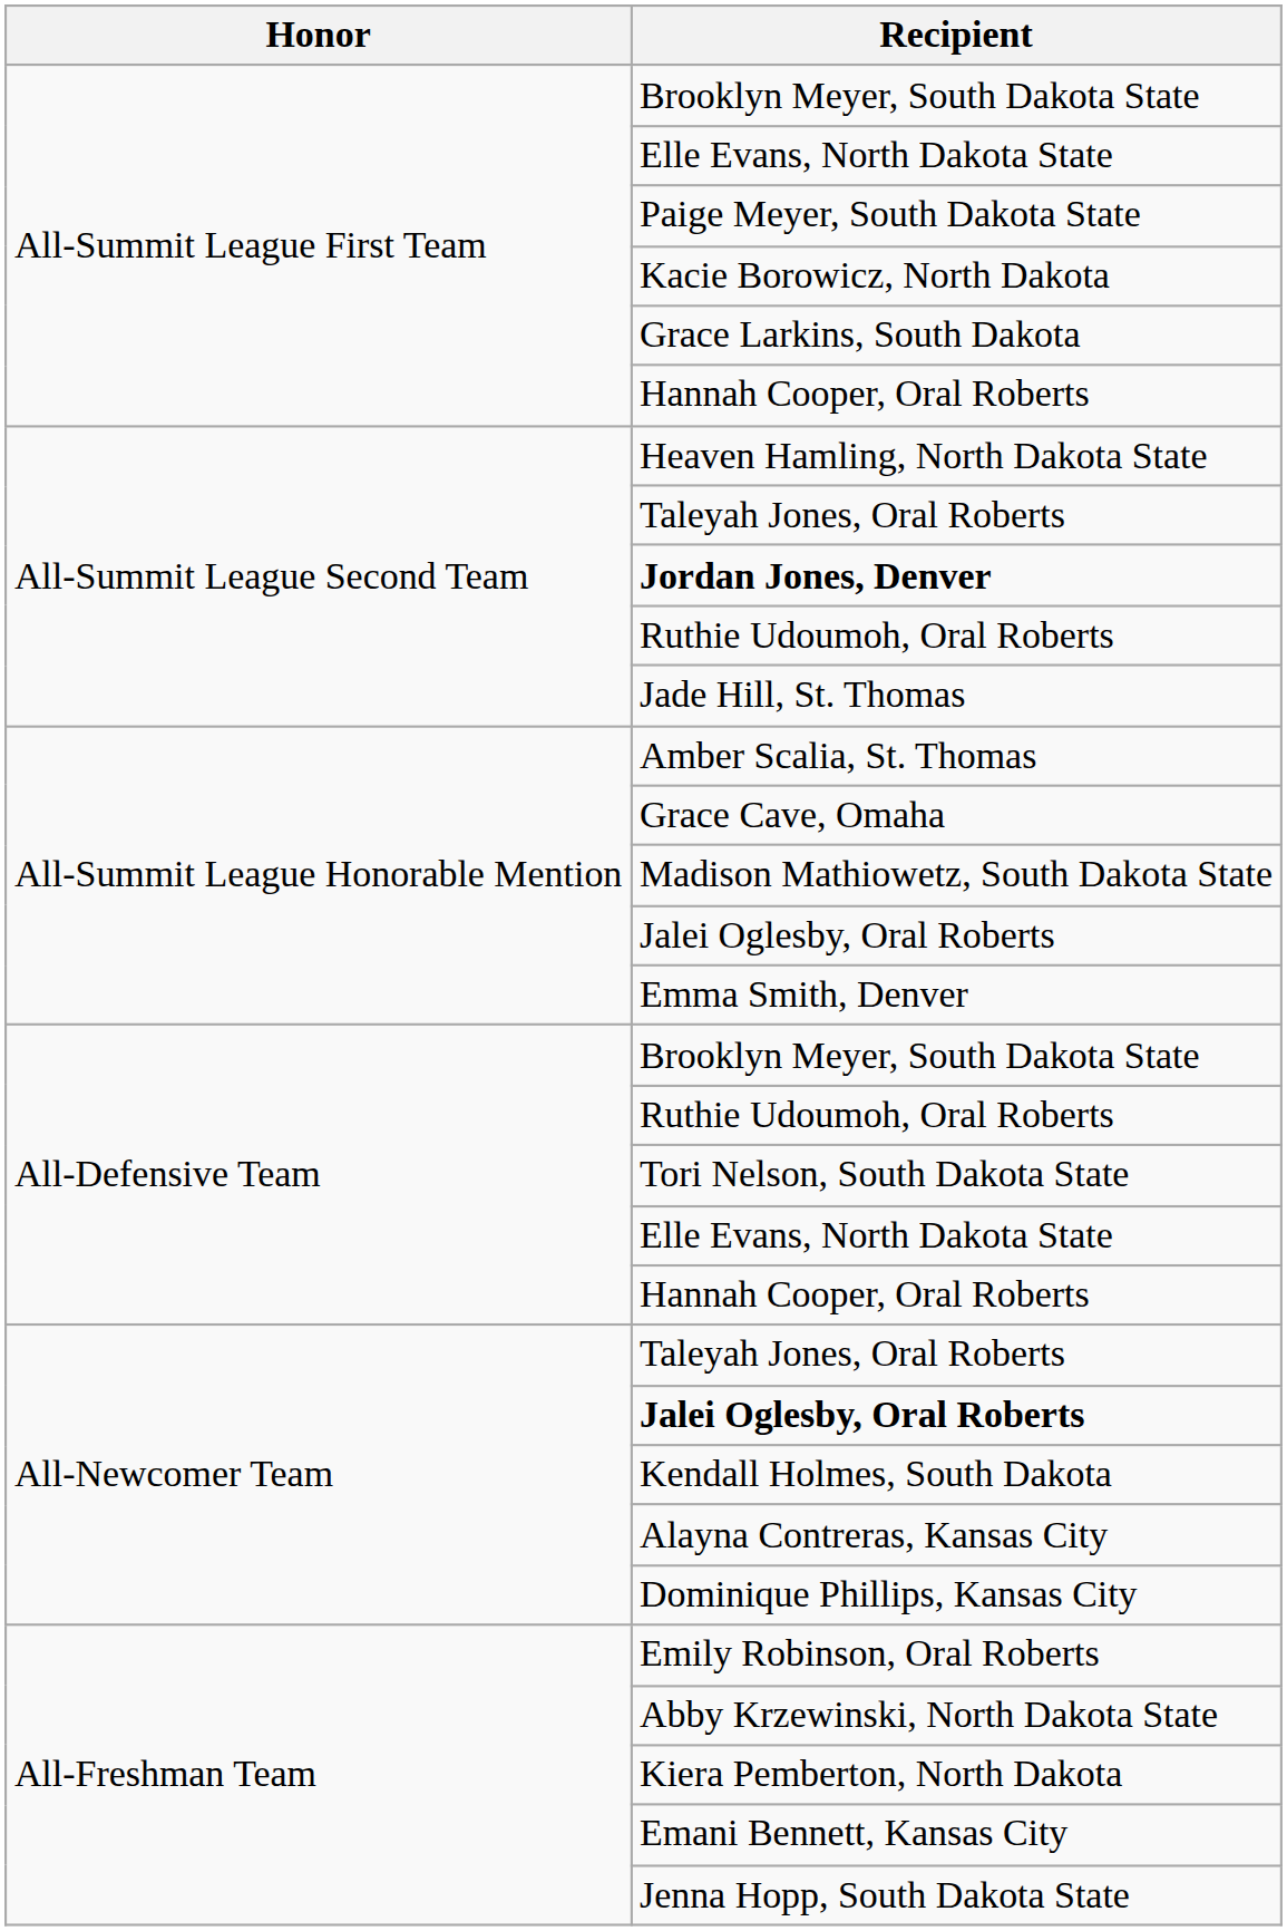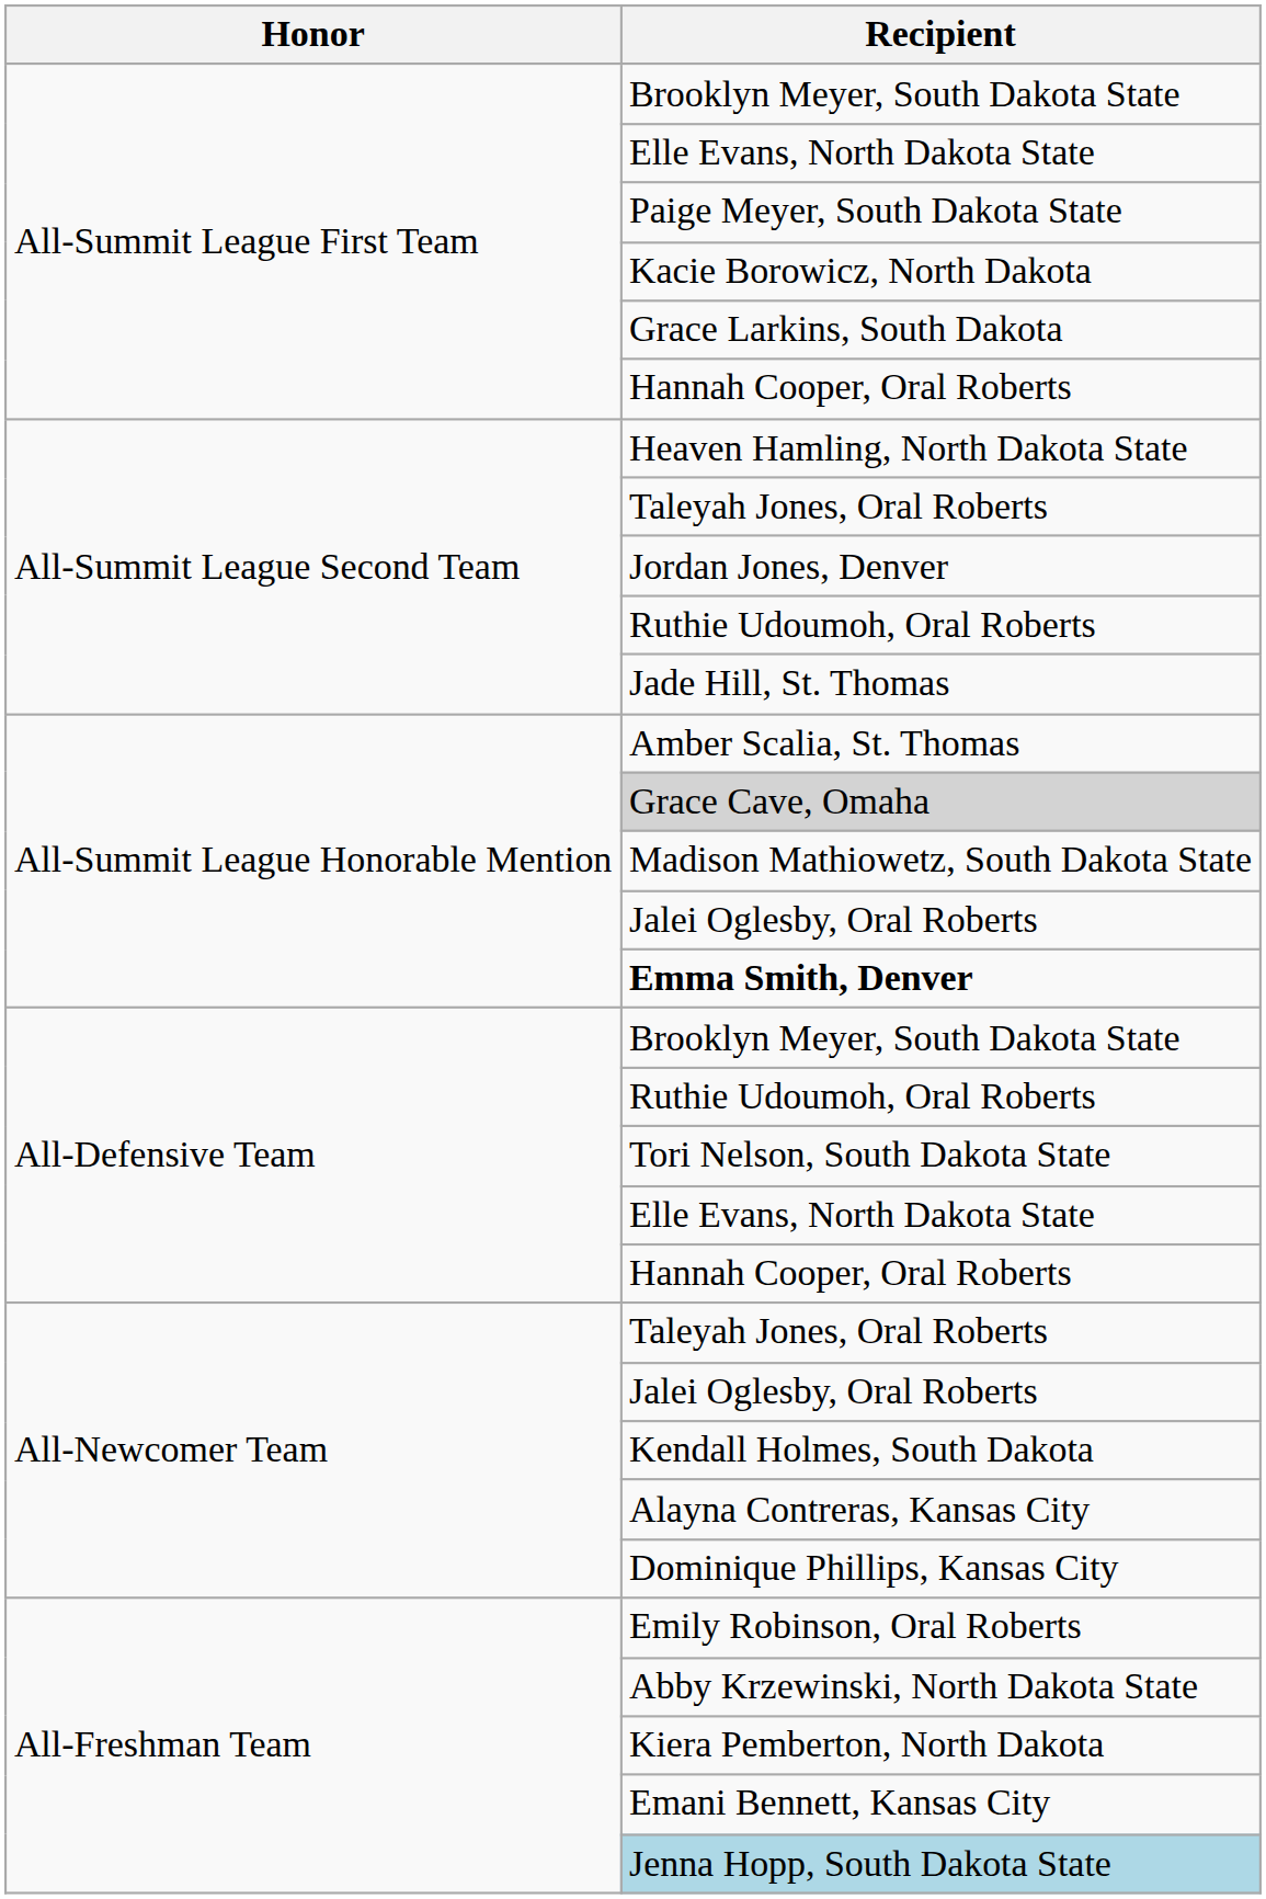 <table class="wikitable" border="1">
 <tr>
 <th>Honor</th>
 <th>Recipient</th>
 </tr>
 <tr>
 <td rowspan="6" valign="middle">All-Summit League First Team</td>
 <td>Brooklyn Meyer, South Dakota State</td>
 </tr>
 <tr>
 <td>Elle Evans, North Dakota State</td>
 </tr>
 <tr>
 <td>Paige Meyer, South Dakota State</td>
 </tr>
 <tr>
 <td>Kacie Borowicz, North Dakota</td>
 </tr>
 <tr>
 <td>Grace Larkins, South Dakota</td>
 </tr>
 <tr>
 <td>Hannah Cooper, Oral Roberts</td>
 </tr>
 <tr>
 <td rowspan="5" valign="middle">All-Summit League Second Team</td>
 <td>Heaven Hamling, North Dakota State</td>
 </tr>
 <tr>
 <td>Taleyah Jones, Oral Roberts</td>
 </tr>
 <tr>
-<td><strong>Jordan Jones, Denver</strong></td>
+<td>Jordan Jones, Denver</td>
 </tr>
 <tr>
 <td>Ruthie Udoumoh, Oral Roberts</td>
 </tr>
 <tr>
 <td>Jade Hill, St. Thomas</td>
 </tr>
 <tr>
 <td rowspan="5" valign="middle">All-Summit League Honorable Mention</td>
 <td>Amber Scalia, St. Thomas</td>
 </tr>
 <tr>
-<td>Grace Cave, Omaha</td>
+<td style="background: lightgrey;">Grace Cave, Omaha</td>
 </tr>
 <tr>
 <td>Madison Mathiowetz, South Dakota State</td>
 </tr>
 <tr>
 <td>Jalei Oglesby, Oral Roberts</td>
 </tr>
 <tr>
-<td>Emma Smith, Denver</td>
+<td><strong>Emma Smith, Denver</strong></td>
 </tr>
 <tr>
 <td rowspan="5" valign="middle">All-Defensive Team</td>
 <td>Brooklyn Meyer, South Dakota State</td>
 </tr>
 <tr>
 <td>Ruthie Udoumoh, Oral Roberts</td>
 </tr>
 <tr>
 <td>Tori Nelson, South Dakota State</td>
 </tr>
 <tr>
 <td>Elle Evans, North Dakota State</td>
 </tr>
 <tr>
 <td>Hannah Cooper, Oral Roberts</td>
 </tr>
 <tr>
 <td rowspan="5" valign="middle">All-Newcomer Team</td>
 <td>Taleyah Jones, Oral Roberts</td>
 </tr>
 <tr>
-<td><strong>Jalei Oglesby, Oral Roberts</strong></td>
+<td>Jalei Oglesby, Oral Roberts</td>
 </tr>
 <tr>
 <td>Kendall Holmes, South Dakota</td>
 </tr>
 <tr>
 <td>Alayna Contreras, Kansas City</td>
 </tr>
 <tr>
 <td>Dominique Phillips, Kansas City</td>
 </tr>
 <tr>
 <td rowspan="5" valign="middle">All-Freshman Team</td>
 <td>Emily Robinson, Oral Roberts</td>
 </tr>
 <tr>
 <td>Abby Krzewinski, North Dakota State</td>
 </tr>
 <tr>
 <td>Kiera Pemberton, North Dakota</td>
 </tr>
 <tr>
 <td>Emani Bennett, Kansas City</td>
 </tr>
 <tr>
-<td>Jenna Hopp, South Dakota State</td>
+<td style="background: lightblue;">Jenna Hopp, South Dakota State</td>
 </tr>
 </table>
